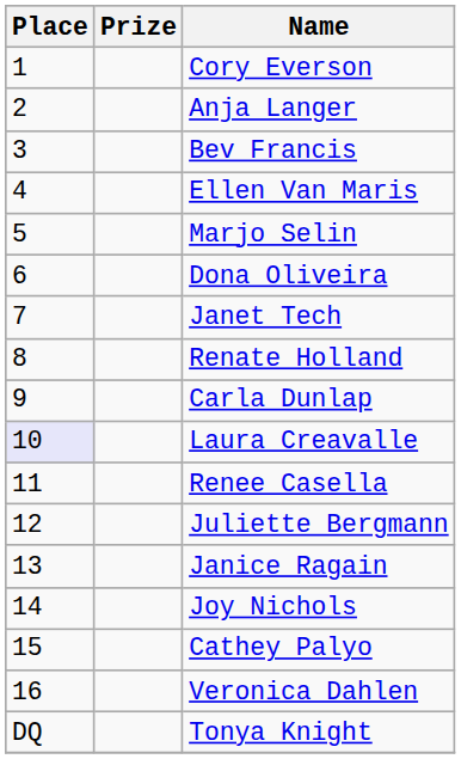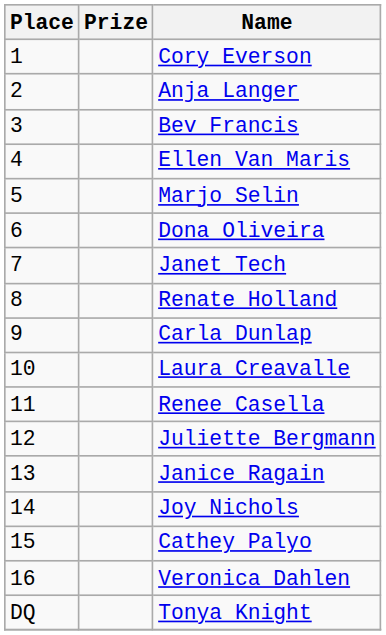 <table class="wikitable">
 <tr>
 <th>Place</th>
 <th>Prize</th>
 <th>Name</th>
 </tr>
 <tr>
 <td>1</td>
 <td></td>
 <td> <a href='#'>Cory Everson</a></td>
 </tr>
 <tr>
 <td>2</td>
 <td></td>
 <td> <a href='#'>Anja Langer</a></td>
 </tr>
 <tr>
 <td>3</td>
 <td></td>
 <td> <a href='#'>Bev Francis</a></td>
 </tr>
 <tr>
 <td>4</td>
 <td></td>
 <td> <a href='#'>Ellen Van Maris</a></td>
 </tr>
 <tr>
 <td>5</td>
 <td></td>
 <td> <a href='#'>Marjo Selin</a></td>
 </tr>
 <tr>
 <td>6</td>
 <td></td>
 <td> <a href='#'>Dona Oliveira</a></td>
 </tr>
 <tr>
 <td>7</td>
 <td></td>
 <td> <a href='#'>Janet Tech</a></td>
 </tr>
 <tr>
 <td>8</td>
 <td></td>
 <td> <a href='#'>Renate Holland</a></td>
 </tr>
 <tr>
 <td>9</td>
 <td></td>
 <td> <a href='#'>Carla Dunlap</a></td>
 </tr>
 <tr>
-<td style="background: lavender;">10</td>
+<td>10</td>
 <td></td>
 <td> <a href='#'>Laura Creavalle</a></td>
 </tr>
 <tr>
 <td>11</td>
 <td></td>
 <td> <a href='#'>Renee Casella</a></td>
 </tr>
 <tr>
 <td>12</td>
 <td></td>
 <td> <a href='#'>Juliette Bergmann</a></td>
 </tr>
 <tr>
 <td>13</td>
 <td></td>
 <td> <a href='#'>Janice Ragain</a></td>
 </tr>
 <tr>
 <td>14</td>
 <td></td>
 <td> <a href='#'>Joy Nichols</a></td>
 </tr>
 <tr>
 <td>15</td>
 <td></td>
 <td> <a href='#'>Cathey Palyo</a></td>
 </tr>
 <tr>
 <td>16</td>
 <td></td>
 <td> <a href='#'>Veronica Dahlen</a></td>
 </tr>
 <tr>
 <td>DQ</td>
 <td></td>
 <td> <a href='#'>Tonya Knight</a></td>
 </tr>
 <tr>
 </tr>
 </table>
